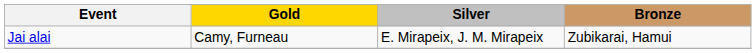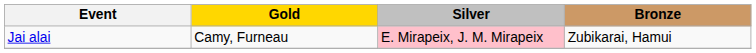 <table class="wikitable" style="max-width: 23cm; width: 100%">
 <tr>
 <th scope="col">Event</th>
 <th scope="col" style="background-color:gold; width:25%">Gold</th>
 <th scope="col" style="background-color:silver; width:25%; width:25%">Silver</th>
 <th scope="col" style="background-color:#cc9966; width:25%">Bronze</th>
 </tr>
 <tr>
 <td><a href='#'>Jai alai</a></td>
 <td> Camy, Furneau</td>
-<td> E. Mirapeix, J. M. Mirapeix</td>
+<td style="background: pink;"> E. Mirapeix, J. M. Mirapeix</td>
 <td> Zubikarai, Hamui</td>
 </tr>
 <tr>
 </tr>
 </table>
